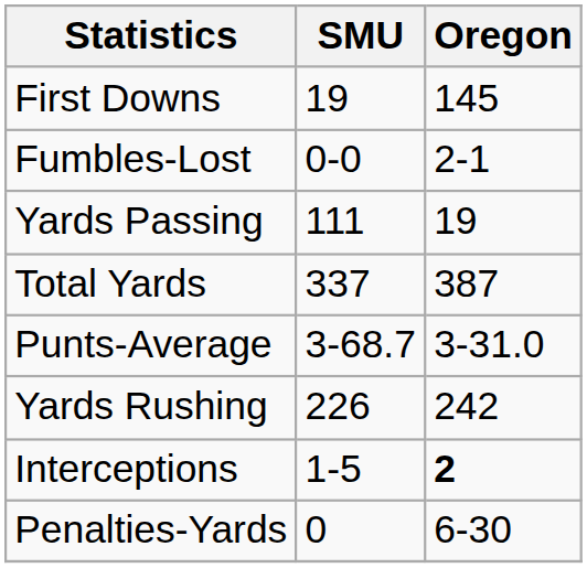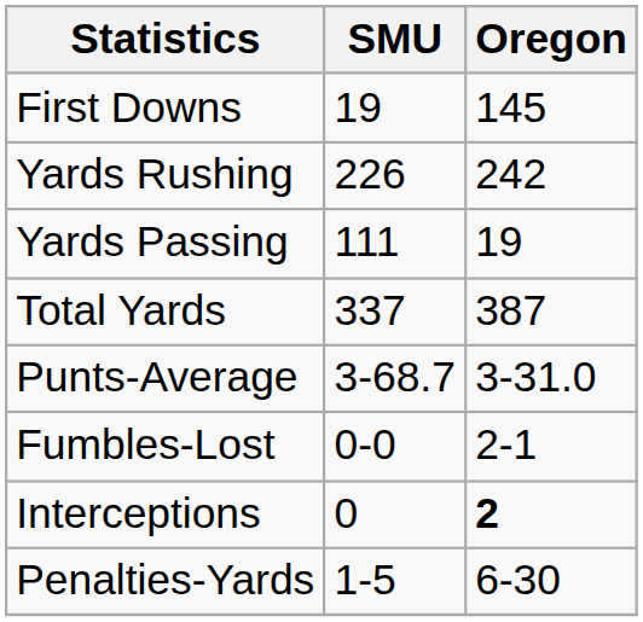 <table class="wikitable">
 <tr>
 <th>Statistics</th>
 <th>SMU</th>
 <th>Oregon</th>
 </tr>
 <tr>
 <td>First Downs</td>
 <td>19</td>
 <td>145</td>
 </tr>
 <tr>
-<td>Fumbles-Lost</td>
-<td>0-0</td>
-<td>2-1</td>
+<td>Yards Rushing</td>
+<td>226</td>
+<td>242</td>
 </tr>
 <tr>
 <td>Yards Passing</td>
 <td>111</td>
 <td>19</td>
 </tr>
 <tr>
 <td>Total Yards</td>
 <td>337</td>
 <td>387</td>
 </tr>
 <tr>
 <td>Punts-Average</td>
 <td>3-68.7</td>
 <td>3-31.0</td>
 </tr>
 <tr>
-<td>Yards Rushing</td>
-<td>226</td>
-<td>242</td>
+<td>Fumbles-Lost</td>
+<td>0-0</td>
+<td>2-1</td>
 </tr>
 <tr>
 <td>Interceptions</td>
-<td>1-5</td>
+<td>0</td>
 <td><strong>2</strong></td>
 </tr>
 <tr>
 <td>Penalties-Yards</td>
-<td>0</td>
+<td>1-5</td>
 <td>6-30</td>
 </tr>
 <tr>
 </tr>
 </table>
